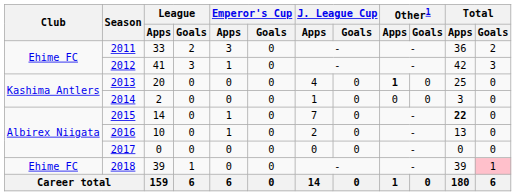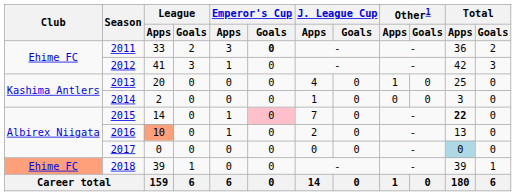 <table class="wikitable" style="text-align:center;">
 <tr>
 <th rowspan="2">Club</th>
 <th rowspan="2">Season</th>
 <th colspan="2">League</th>
 <th colspan="2"><a href='#'>Emperor's Cup</a></th>
 <th colspan="2"><a href='#'>J. League Cup</a></th>
 <th colspan="2">Other<sup><a href='#'>1</a></sup></th>
 <th colspan="2">Total</th>
 </tr>
 <tr>
 <th>Apps</th>
 <th>Goals</th>
 <th>Apps</th>
 <th>Goals</th>
 <th>Apps</th>
 <th>Goals</th>
 <th>Apps</th>
 <th>Goals</th>
 <th>Apps</th>
 <th>Goals</th>
 </tr>
 <tr>
 <td rowspan="2"><a href='#'>Ehime FC</a></td>
 <td><a href='#'>2011</a></td>
 <td>33</td>
 <td>2</td>
 <td>3</td>
-<td>0</td>
+<td><strong>0</strong></td>
 <td colspan="2">-</td>
 <td colspan="2">-</td>
 <td>36</td>
 <td>2</td>
 </tr>
 <tr>
 <td><a href='#'>2012</a></td>
 <td>41</td>
 <td>3</td>
 <td>1</td>
 <td>0</td>
 <td colspan="2">-</td>
 <td colspan="2">-</td>
 <td>42</td>
 <td>3</td>
 </tr>
 <tr>
 <td rowspan="2"><a href='#'>Kashima Antlers</a></td>
 <td><a href='#'>2013</a></td>
 <td>20</td>
 <td>0</td>
 <td>0</td>
 <td>0</td>
 <td>4</td>
 <td>0</td>
-<td><strong>1</strong></td>
+<td>1</td>
 <td>0</td>
 <td>25</td>
 <td>0</td>
 </tr>
 <tr>
 <td><a href='#'>2014</a></td>
 <td>2</td>
 <td>0</td>
 <td>0</td>
 <td>0</td>
 <td>1</td>
 <td>0</td>
 <td>0</td>
 <td>0</td>
 <td>3</td>
 <td>0</td>
 </tr>
 <tr>
 <td rowspan="3"><a href='#'>Albirex Niigata</a></td>
 <td><a href='#'>2015</a></td>
 <td>14</td>
 <td>0</td>
 <td>1</td>
-<td>0</td>
+<td style="background: pink;">0</td>
 <td>7</td>
 <td>0</td>
 <td colspan="2">-</td>
 <td><strong>22</strong></td>
 <td>0</td>
 </tr>
 <tr>
 <td><a href='#'>2016</a></td>
-<td>10</td>
+<td style="background: lightsalmon;">10</td>
 <td>0</td>
 <td>1</td>
 <td>0</td>
 <td>2</td>
 <td>0</td>
 <td colspan="2">-</td>
 <td>13</td>
 <td>0</td>
 </tr>
 <tr>
 <td><a href='#'>2017</a></td>
 <td>0</td>
 <td>0</td>
 <td>0</td>
 <td>0</td>
 <td>0</td>
 <td>0</td>
 <td colspan="2">-</td>
-<td>0</td>
+<td style="background: lightblue;">0</td>
 <td>0</td>
 </tr>
 <tr>
-<td rowspan="1"><a href='#'>Ehime FC</a></td>
+<td rowspan="1" style="background: lightsalmon;"><a href='#'>Ehime FC</a></td>
 <td><a href='#'>2018</a></td>
 <td>39</td>
 <td>1</td>
 <td>0</td>
 <td>0</td>
 <td colspan="2">-</td>
 <td colspan="2">-</td>
 <td>39</td>
-<td style="background: pink;">1</td>
+<td>1</td>
 </tr>
 <tr>
 <th colspan="2">Career total</th>
 <th>159</th>
 <th>6</th>
 <th>6</th>
 <th>0</th>
 <th>14</th>
 <th>0</th>
 <th>1</th>
 <th>0</th>
 <th>180</th>
 <th>6</th>
 </tr>
 </table>
